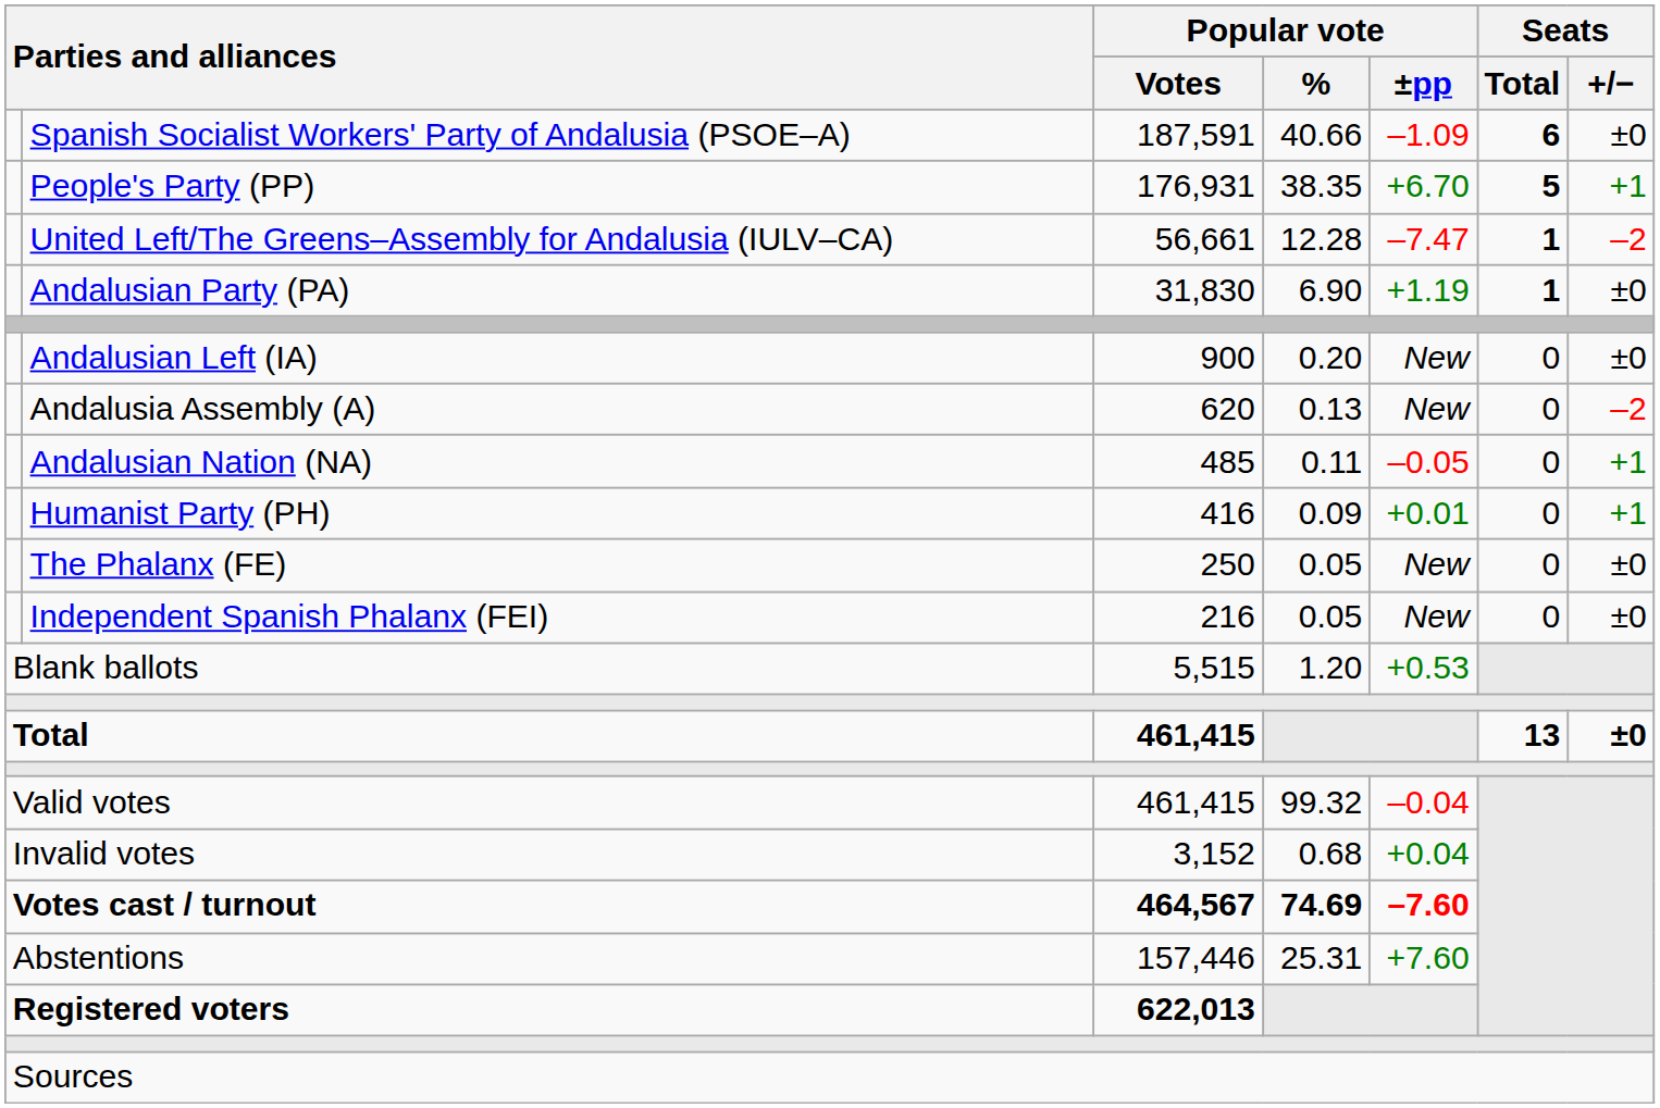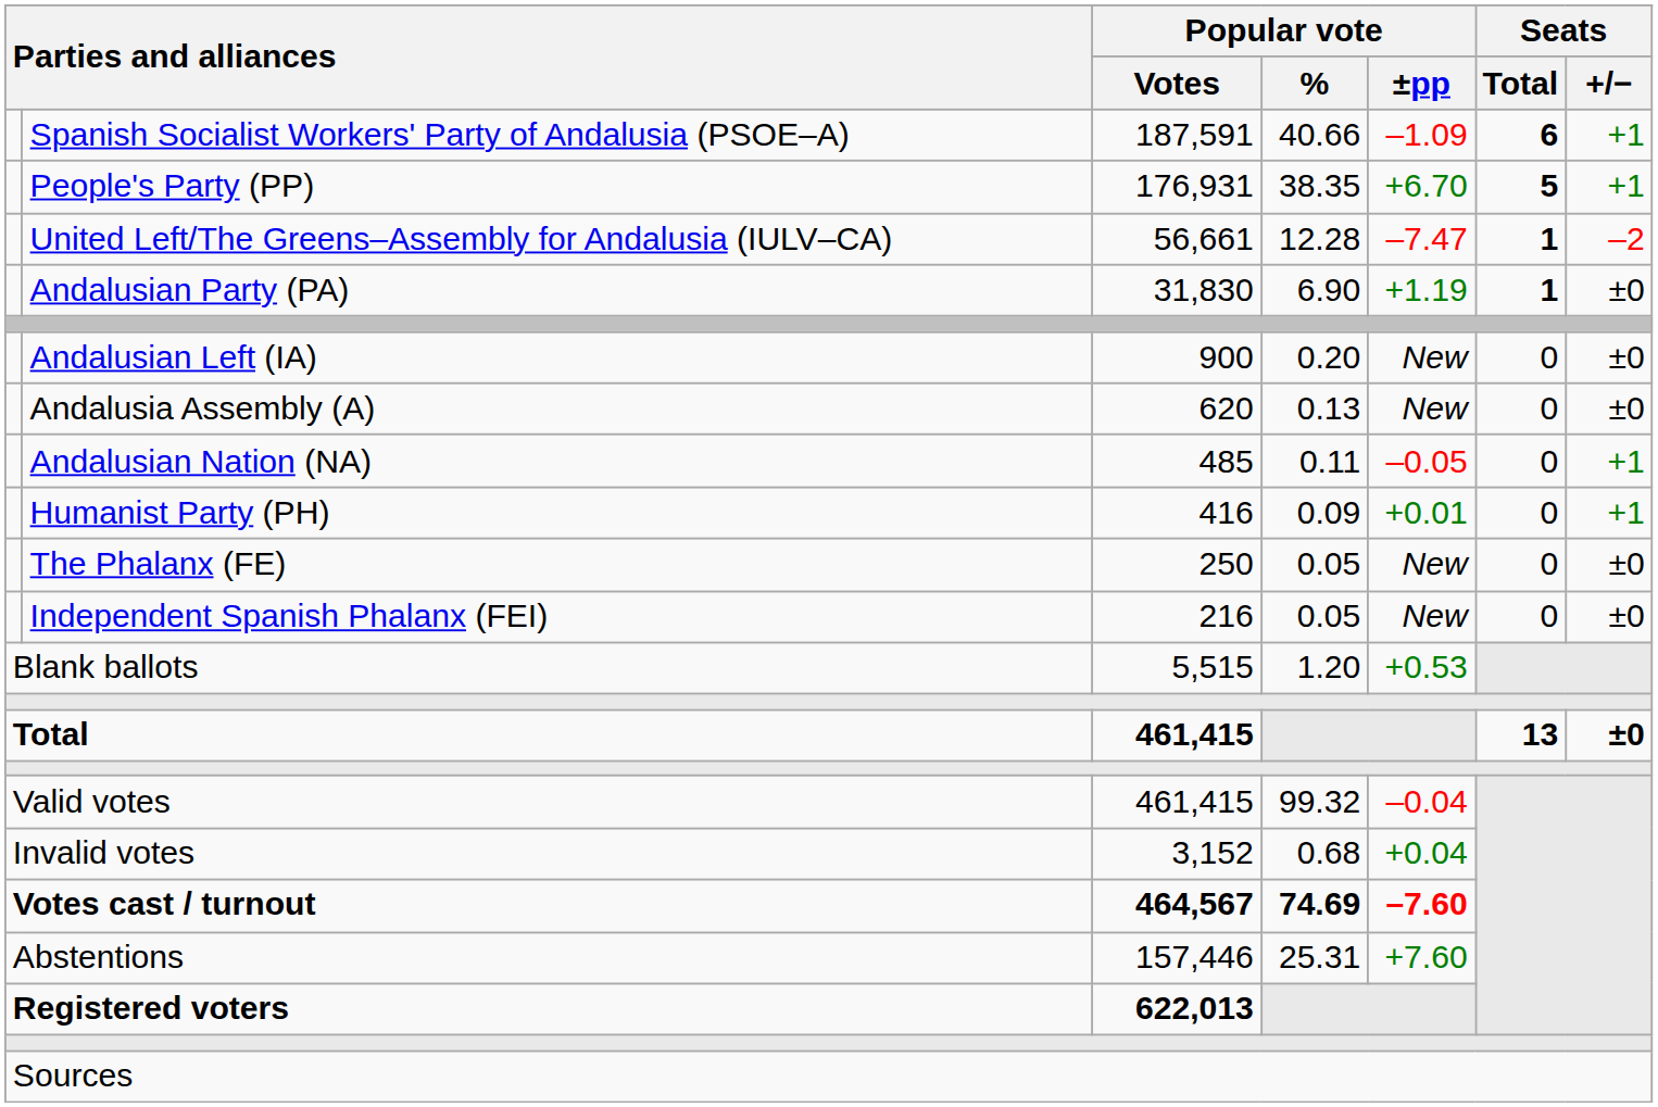 <table class="wikitable" style="text-align:right;">
 <tr>
 <th style="text-align:left;" rowspan="2" colspan="2" width="525">Parties and alliances</th>
 <th colspan="3">Popular vote</th>
 <th colspan="2">Seats</th>
 </tr>
 <tr>
 <th width="75">Votes</th>
 <th width="45">%</th>
 <th width="45">±<a href='#'>pp</a></th>
 <th width="35">Total</th>
 <th width="35">+/−</th>
 </tr>
 <tr>
 <td width="1" style="color:inherit;background:"></td>
 <td align="left"><a href='#'>Spanish Socialist Workers' Party of Andalusia</a> (PSOE–A)</td>
 <td>187,591</td>
 <td>40.66</td>
 <td style="color:red;">–1.09</td>
 <td><strong>6</strong></td>
-<td>±0</td>
+<td style="color:green;">+1</td>
 </tr>
 <tr>
 <td style="color:inherit;background:"></td>
 <td align="left"><a href='#'>People's Party</a> (PP)</td>
 <td>176,931</td>
 <td>38.35</td>
 <td style="color:green;">+6.70</td>
 <td><strong>5</strong></td>
 <td style="color:green;">+1</td>
 </tr>
 <tr>
 <td style="color:inherit;background:"></td>
 <td align="left"><a href='#'>United Left/The Greens–Assembly for Andalusia</a> (IULV–CA)</td>
 <td>56,661</td>
 <td>12.28</td>
 <td style="color:red;">–7.47</td>
 <td><strong>1</strong></td>
 <td style="color:red;">–2</td>
 </tr>
 <tr>
 <td style="color:inherit;background:"></td>
 <td align="left"><a href='#'>Andalusian Party</a> (PA)</td>
 <td>31,830</td>
 <td>6.90</td>
 <td style="color:green;">+1.19</td>
 <td><strong>1</strong></td>
 <td>±0</td>
 </tr>
 <tr>
 <td colspan="7" bgcolor="#C0C0C0"></td>
 </tr>
 <tr>
 <td style="color:inherit;background:"></td>
 <td align="left"><a href='#'>Andalusian Left</a> (IA)</td>
 <td>900</td>
 <td>0.20</td>
 <td><em>New</em></td>
 <td>0</td>
 <td>±0</td>
 </tr>
 <tr>
 <td style="color:inherit;background:"></td>
 <td align="left">Andalusia Assembly (A)</td>
 <td>620</td>
 <td>0.13</td>
 <td><em>New</em></td>
 <td>0</td>
-<td style="color:red;">–2</td>
+<td>±0</td>
 </tr>
 <tr>
 <td style="color:inherit;background:"></td>
 <td align="left"><a href='#'>Andalusian Nation</a> (NA)</td>
 <td>485</td>
 <td>0.11</td>
 <td style="color:red;">–0.05</td>
 <td>0</td>
 <td style="color:green;">+1</td>
 </tr>
 <tr>
 <td style="color:inherit;background:"></td>
 <td align="left"><a href='#'>Humanist Party</a> (PH)</td>
 <td>416</td>
 <td>0.09</td>
 <td style="color:green;">+0.01</td>
 <td>0</td>
 <td style="color:green;">+1</td>
 </tr>
 <tr>
 <td style="color:inherit;background:"></td>
 <td align="left"><a href='#'>The Phalanx</a> (FE)</td>
 <td>250</td>
 <td>0.05</td>
 <td><em>New</em></td>
 <td>0</td>
 <td>±0</td>
 </tr>
 <tr>
 <td style="color:inherit;background:"></td>
 <td align="left"><a href='#'>Independent Spanish Phalanx</a> (FEI)</td>
 <td>216</td>
 <td>0.05</td>
 <td><em>New</em></td>
 <td>0</td>
 <td>±0</td>
 </tr>
 <tr>
 <td align="left" colspan="2">Blank ballots</td>
 <td>5,515</td>
 <td>1.20</td>
 <td style="color:green;">+0.53</td>
 <td bgcolor="#E9E9E9" colspan="2"></td>
 </tr>
 <tr>
 <td colspan="7" bgcolor="#E9E9E9"></td>
 </tr>
 <tr style="font-weight:bold;">
 <td align="left" colspan="2">Total</td>
 <td>461,415</td>
 <td bgcolor="#E9E9E9" colspan="2"></td>
 <td>13</td>
 <td>±0</td>
 </tr>
 <tr>
 <td colspan="7" bgcolor="#E9E9E9"></td>
 </tr>
 <tr>
 <td align="left" colspan="2">Valid votes</td>
 <td>461,415</td>
 <td>99.32</td>
 <td style="color:red;">–0.04</td>
 <td bgcolor="#E9E9E9" colspan="2" rowspan="5"></td>
 </tr>
 <tr>
 <td align="left" colspan="2">Invalid votes</td>
 <td>3,152</td>
 <td>0.68</td>
 <td style="color:green;">+0.04</td>
 </tr>
 <tr style="font-weight:bold;">
 <td align="left" colspan="2">Votes cast / turnout</td>
 <td>464,567</td>
 <td>74.69</td>
 <td style="color:red;">–7.60</td>
 </tr>
 <tr>
 <td align="left" colspan="2">Abstentions</td>
 <td>157,446</td>
 <td>25.31</td>
 <td style="color:green;">+7.60</td>
 </tr>
 <tr style="font-weight:bold;">
 <td align="left" colspan="2">Registered voters</td>
 <td>622,013</td>
 <td bgcolor="#E9E9E9" colspan="2"></td>
 </tr>
 <tr>
 <td colspan="7" bgcolor="#E9E9E9"></td>
 </tr>
 <tr>
 <td align="left" colspan="7">Sources</td>
 </tr>
 </table>
